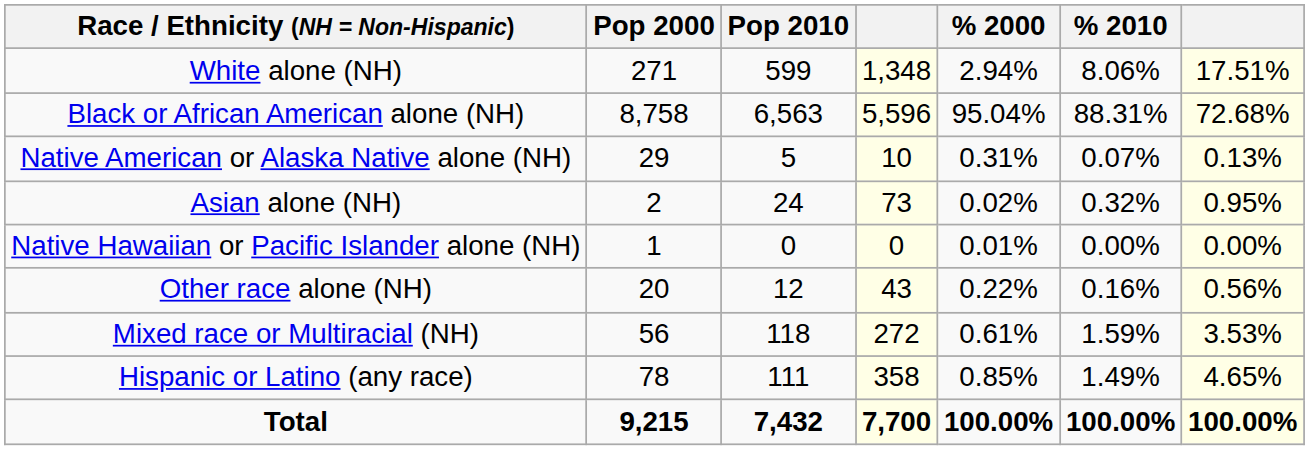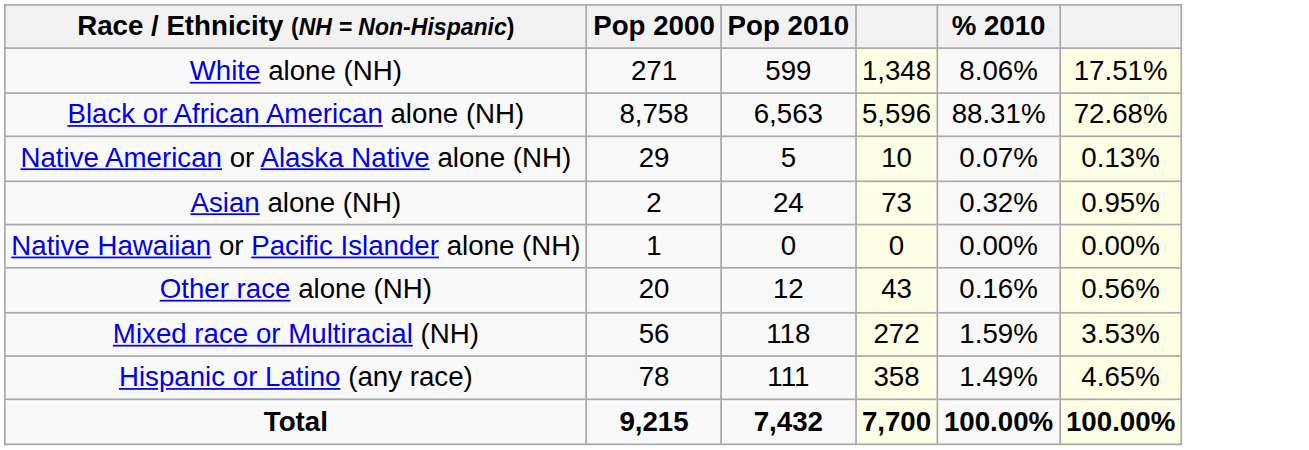 <table class="wikitable" style="text-align:center;">
 <tr>
 <th>Race / Ethnicity <small>(<em>NH = Non-Hispanic</em>)</small></th>
 <th>Pop 2000</th>
 <th>Pop 2010</th>
 <th></th>
-<th>% 2000</th>
 <th>% 2010</th>
 <th></th>
 </tr>
 <tr>
 <td><a href='#'>White</a> alone (NH)</td>
 <td>271</td>
 <td>599</td>
 <td style='background: #ffffe6;'>1,348</td>
-<td>2.94%</td>
 <td>8.06%</td>
 <td style='background: #ffffe6;'>17.51%</td>
 </tr>
 <tr>
 <td><a href='#'>Black or African American</a> alone (NH)</td>
 <td>8,758</td>
 <td>6,563</td>
 <td style='background: #ffffe6;'>5,596</td>
-<td>95.04%</td>
 <td>88.31%</td>
 <td style='background: #ffffe6;'>72.68%</td>
 </tr>
 <tr>
 <td><a href='#'>Native American</a> or <a href='#'>Alaska Native</a> alone (NH)</td>
 <td>29</td>
 <td>5</td>
 <td style='background: #ffffe6;'>10</td>
-<td>0.31%</td>
 <td>0.07%</td>
 <td style='background: #ffffe6;'>0.13%</td>
 </tr>
 <tr>
 <td><a href='#'>Asian</a> alone (NH)</td>
 <td>2</td>
 <td>24</td>
 <td style='background: #ffffe6;'>73</td>
-<td>0.02%</td>
 <td>0.32%</td>
 <td style='background: #ffffe6;'>0.95%</td>
 </tr>
 <tr>
 <td><a href='#'>Native Hawaiian</a> or <a href='#'>Pacific Islander</a> alone (NH)</td>
 <td>1</td>
 <td>0</td>
 <td style='background: #ffffe6;'>0</td>
-<td>0.01%</td>
 <td>0.00%</td>
 <td style='background: #ffffe6;'>0.00%</td>
 </tr>
 <tr>
 <td><a href='#'>Other race</a> alone (NH)</td>
 <td>20</td>
 <td>12</td>
 <td style='background: #ffffe6;'>43</td>
-<td>0.22%</td>
 <td>0.16%</td>
 <td style='background: #ffffe6;'>0.56%</td>
 </tr>
 <tr>
 <td><a href='#'>Mixed race or Multiracial</a> (NH)</td>
 <td>56</td>
 <td>118</td>
 <td style='background: #ffffe6;'>272</td>
-<td>0.61%</td>
 <td>1.59%</td>
 <td style='background: #ffffe6;'>3.53%</td>
 </tr>
 <tr>
 <td><a href='#'>Hispanic or Latino</a> (any race)</td>
 <td>78</td>
 <td>111</td>
 <td style='background: #ffffe6;'>358</td>
-<td>0.85%</td>
 <td>1.49%</td>
 <td style='background: #ffffe6;'>4.65%</td>
 </tr>
 <tr>
 <td><strong>Total</strong></td>
 <td><strong>9,215</strong></td>
 <td><strong>7,432</strong></td>
 <td style='background: #ffffe6;'><strong>7,700</strong></td>
 <td><strong>100.00%</strong></td>
-<td><strong>100.00%</strong></td>
 <td style='background: #ffffe6;'><strong>100.00%</strong></td>
 </tr>
 </table>
